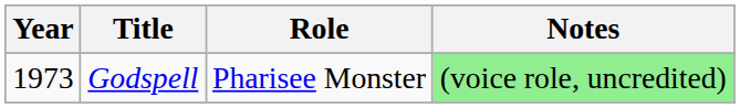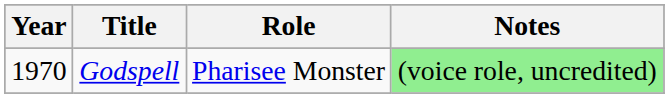 <table class='wikitable sortable"'>
 <tr>
 <th>Year</th>
 <th>Title</th>
 <th>Role</th>
 <th>Notes</th>
 </tr>
 <tr>
-<td>1973</td>
+<td>1970</td>
 <td><em><a href='#'>Godspell</a></em></td>
 <td><a href='#'>Pharisee</a> Monster</td>
 <td style="background: lightgreen;">(voice role, uncredited)</td>
 </tr>
 </table>
